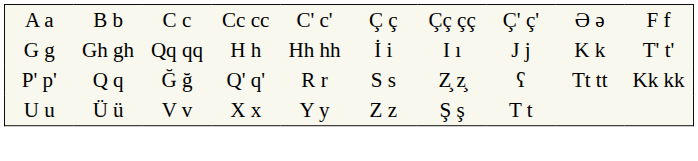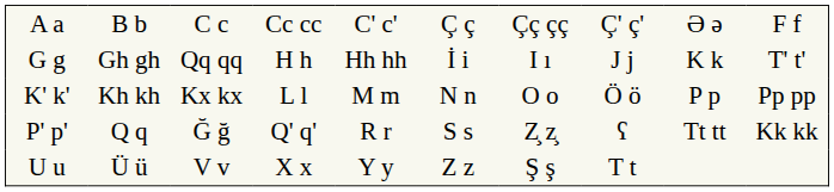 <table style="font-family:Arial Unicode MS; font-size:1.4em; border-color:#000000; border-width:1px; border-style:solid; border-collapse:collapse; background-color:#F8F8EF">
 <tr>
 <td style="width:3em; text-align:center; padding: 3px;">A a</td>
 <td style="width:3em; text-align:center; padding: 3px;">B b</td>
 <td style="width:3em; text-align:center; padding: 3px;">C c</td>
 <td style="width:3em; text-align:center; padding: 3px;">Cc cc</td>
 <td style="width:3em; text-align:center; padding: 3px;">C' c'</td>
 <td style="width:3em; text-align:center; padding: 3px;">Ç ç</td>
 <td style="width:3em; text-align:center; padding: 3px;">Çç çç</td>
 <td style="width:3em; text-align:center; padding: 3px;">Ç' ç'</td>
 <td style="width:3em; text-align:center; padding: 3px;">Ə ə</td>
 <td style="width:3em; text-align:center; padding: 3px;">F f</td>
 </tr>
 <tr>
 <td style="width:3em; text-align:center; padding: 3px;">G g</td>
 <td style="width:3em; text-align:center; padding: 3px;">Gh gh</td>
 <td style="width:3em; text-align:center; padding: 3px;">Qq qq</td>
 <td style="width:3em; text-align:center; padding: 3px;">H h</td>
 <td style="width:3em; text-align:center; padding: 3px;">Hh hh</td>
 <td style="width:3em; text-align:center; padding: 3px;">İ i</td>
 <td style="width:3em; text-align:center; padding: 3px;">I ı</td>
 <td style="width:3em; text-align:center; padding: 3px;">J j</td>
 <td style="width:3em; text-align:center; padding: 3px;">K k</td>
 <td style="width:3em; text-align:center; padding: 3px;">T' t'</td>
 </tr>
 <tr>
+<td style="width:3em; text-align:center; padding: 3px;">K' k'</td>
+<td style="width:3em; text-align:center; padding: 3px;">Kh kh</td>
+<td style="width:3em; text-align:center; padding: 3px;">Kx kx</td>
+<td style="width:3em; text-align:center; padding: 3px;">L l</td>
+<td style="width:3em; text-align:center; padding: 3px;">M m</td>
+<td style="width:3em; text-align:center; padding: 3px;">N n</td>
+<td style="width:3em; text-align:center; padding: 3px;">O o</td>
+<td style="width:3em; text-align:center; padding: 3px;">Ö ö</td>
+<td style="width:3em; text-align:center; padding: 3px;">P p</td>
+<td style="width:3em; text-align:center; padding: 3px;">Pp pp</td>
+</tr>
+<tr>
 <td style="width:3em; text-align:center; padding: 3px;">P' p'</td>
 <td style="width:3em; text-align:center; padding: 3px;">Q q</td>
 <td style="width:3em; text-align:center; padding: 3px;">Ğ ğ</td>
 <td style="width:3em; text-align:center; padding: 3px;">Q' q'</td>
 <td style="width:3em; text-align:center; padding: 3px;">R r</td>
 <td style="width:3em; text-align:center; padding: 3px;">S s</td>
 <td style="width:3em; text-align:center; padding: 3px;">Z̧ z̧</td>
 <td style="width:3em; text-align:center; padding: 3px;">ʕ</td>
 <td style="width:3em; text-align:center; padding: 3px;">Tt tt</td>
 <td style="width:3em; text-align:center; padding: 3px;">Kk kk</td>
 </tr>
 <tr>
 <td style="width:3em; text-align:center; padding: 3px;">U u</td>
 <td style="width:3em; text-align:center; padding: 3px;">Ü ü</td>
 <td style="width:3em; text-align:center; padding: 3px;">V v</td>
 <td style="width:3em; text-align:center; padding: 3px;">X x</td>
 <td style="width:3em; text-align:center; padding: 3px;">Y y</td>
 <td style="width:3em; text-align:center; padding: 3px;">Z z</td>
 <td style="width:3em; text-align:center; padding: 3px;">Ş ş</td>
 <td style="width:3em; text-align:center; padding: 3px;">T t</td>
 <td style="width:3em; text-align:center; padding: 3px;"></td>
 <td style="width:3em; text-align:center; padding: 3px;"></td>
 </tr>
 </table>
